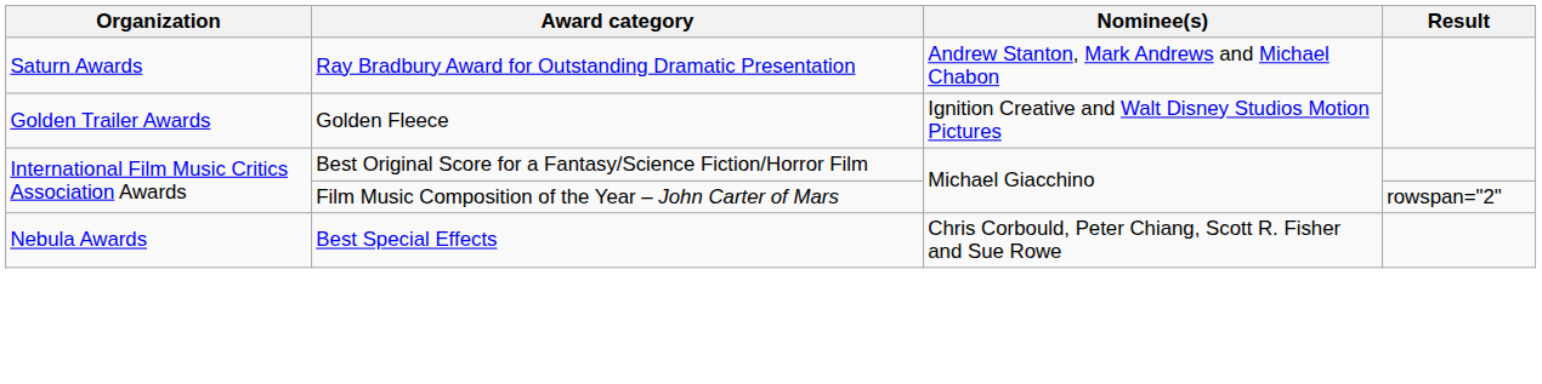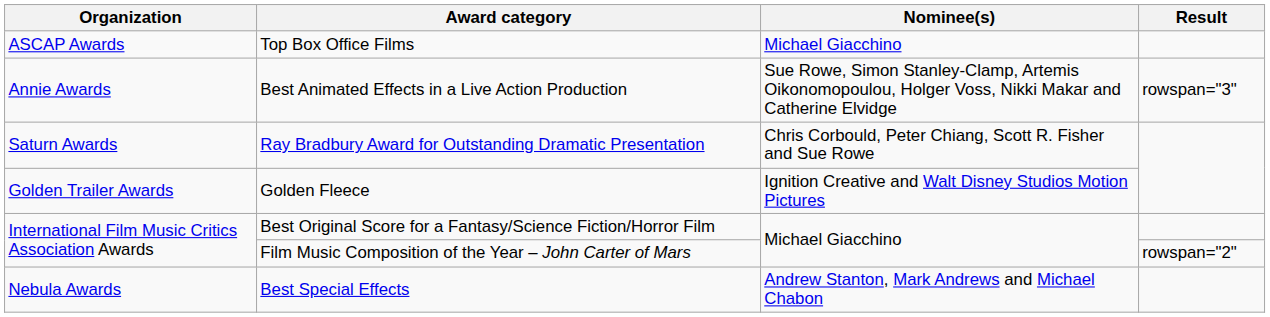 <table class="wikitable" style="width:95%;">
 <tr>
 <th style="width:20%;">Organization</th>
 <th style="width:40%;">Award category</th>
 <th style="width:30%;">Nominee(s)</th>
 <th style="width:10%;">Result</th>
 </tr>
 <tr>
+<td><a href='#'>ASCAP Awards</a></td>
+<td>Top Box Office Films</td>
+<td><a href='#'>Michael Giacchino</a></td>
+<td></td>
+</tr>
+<tr>
+<td><a href='#'>Annie Awards</a></td>
+<td>Best Animated Effects in a Live Action Production</td>
+<td>Sue Rowe, Simon Stanley-Clamp, Artemis Oikonomopoulou, Holger Voss, Nikki Makar and Catherine Elvidge</td>
+<td>rowspan="3" </td>
+</tr>
+<tr>
 <td><a href='#'>Saturn Awards</a></td>
 <td><a href='#'>Ray Bradbury Award for Outstanding Dramatic Presentation</a></td>
-<td><a href='#'>Andrew Stanton</a>, <a href='#'>Mark Andrews</a> and <a href='#'>Michael Chabon</a></td>
+<td>Chris Corbould, Peter Chiang, Scott R. Fisher and Sue Rowe</td>
 </tr>
 <tr>
 <td><a href='#'>Golden Trailer Awards</a></td>
 <td>Golden Fleece</td>
 <td>Ignition Creative and <a href='#'>Walt Disney Studios Motion Pictures</a></td>
 </tr>
 <tr>
 <td rowspan="2"><a href='#'>International Film Music Critics Association</a> Awards</td>
 <td>Best Original Score for a Fantasy/Science Fiction/Horror Film</td>
 <td rowspan="2">Michael Giacchino</td>
 <td></td>
 </tr>
 <tr>
 <td>Film Music Composition of the Year – <em>John Carter of Mars</em></td>
 <td>rowspan="2" </td>
 </tr>
 <tr>
 <td><a href='#'>Nebula Awards</a></td>
 <td><a href='#'>Best Special Effects</a></td>
-<td>Chris Corbould, Peter Chiang, Scott R. Fisher and Sue Rowe</td>
+<td><a href='#'>Andrew Stanton</a>, <a href='#'>Mark Andrews</a> and <a href='#'>Michael Chabon</a></td>
 </tr>
 </table>
